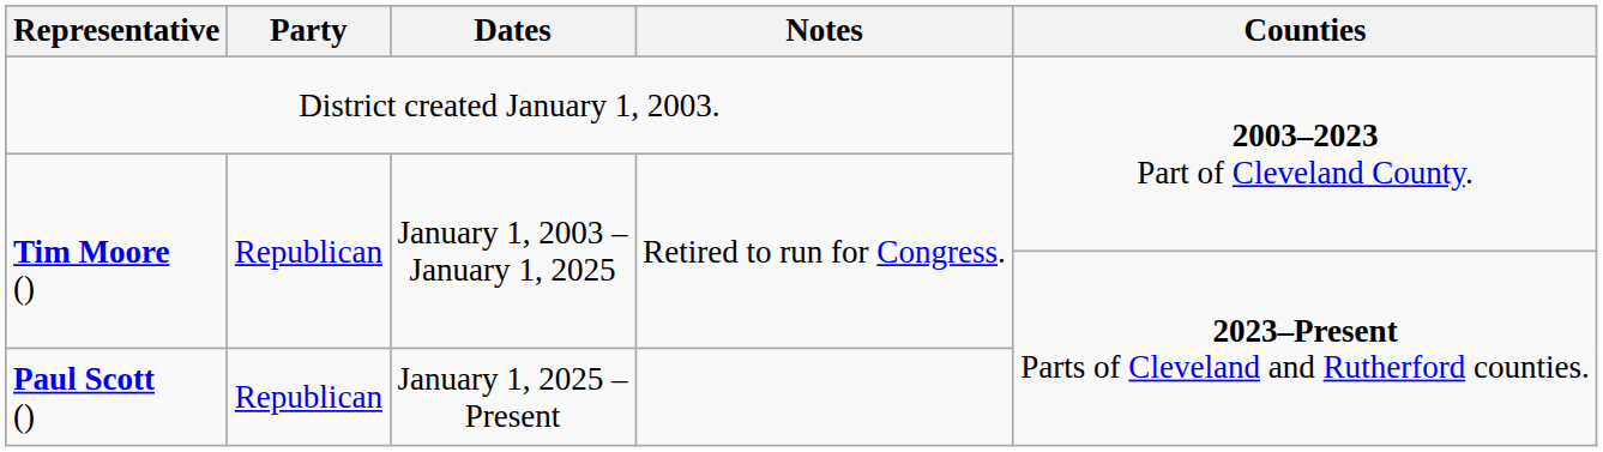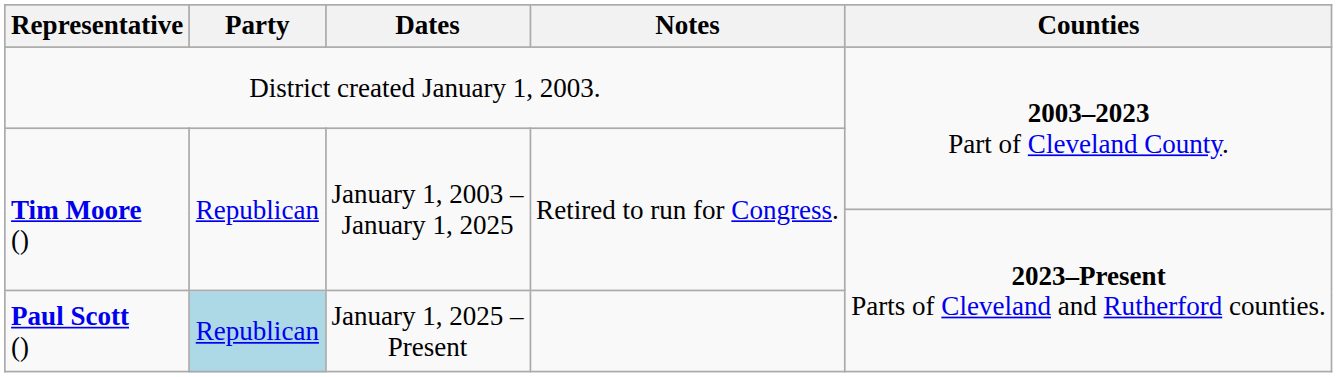 <table class=wikitable style="text-align:center">
 <tr>
 <th>Representative</th>
 <th>Party</th>
 <th>Dates</th>
 <th>Notes</th>
 <th>Counties</th>
 </tr>
 <tr style="height:3em">
 <td colspan=4>District created January 1, 2003.</td>
 <td rowspan=2><strong>2003–2023</strong> <br> Part of <a href='#'>Cleveland County</a>.</td>
 </tr>
 <tr style="height:3em">
 <td rowspan=2 align=left><br><strong><a href='#'>Tim Moore</a></strong><br>()</td>
 <td rowspan=2 ><a href='#'>Republican</a></td>
 <td rowspan=2 nowrap>January 1, 2003 – <br> January 1, 2025</td>
 <td rowspan=2>Retired to run for <a href='#'>Congress</a>.</td>
 </tr>
 <tr style="height:3em">
 <td rowspan=2><strong>2023–Present</strong> <br> Parts of <a href='#'>Cleveland</a> and <a href='#'>Rutherford</a> counties.</td>
 </tr>
 <tr style="height:3em">
 <td align=left><strong><a href='#'>Paul Scott</a></strong><br>()</td>
-<td><a href='#'>Republican</a></td>
+<td style="background: lightblue;"><a href='#'>Republican</a></td>
 <td nowrap>January 1, 2025 – <br> Present</td>
 <td></td>
 </tr>
 </table>
